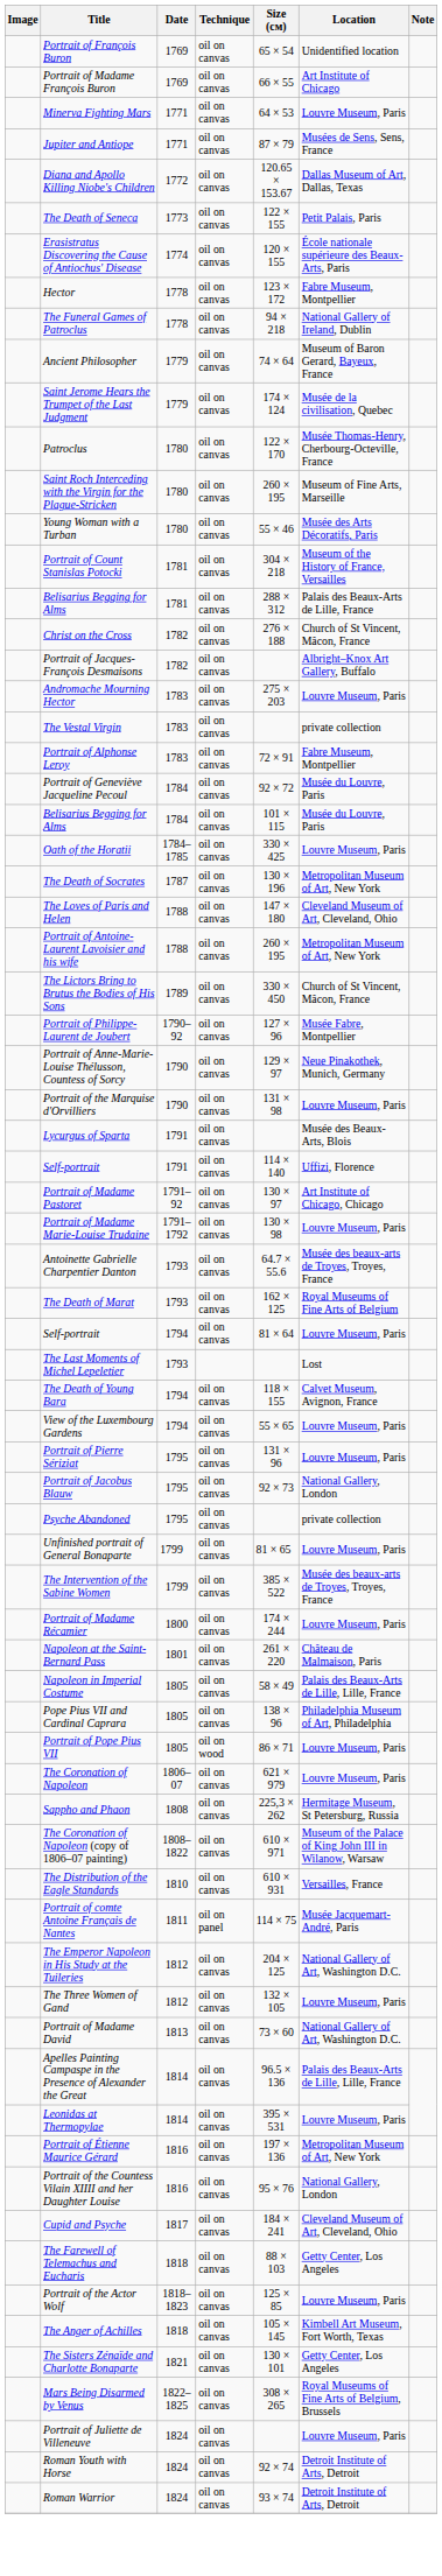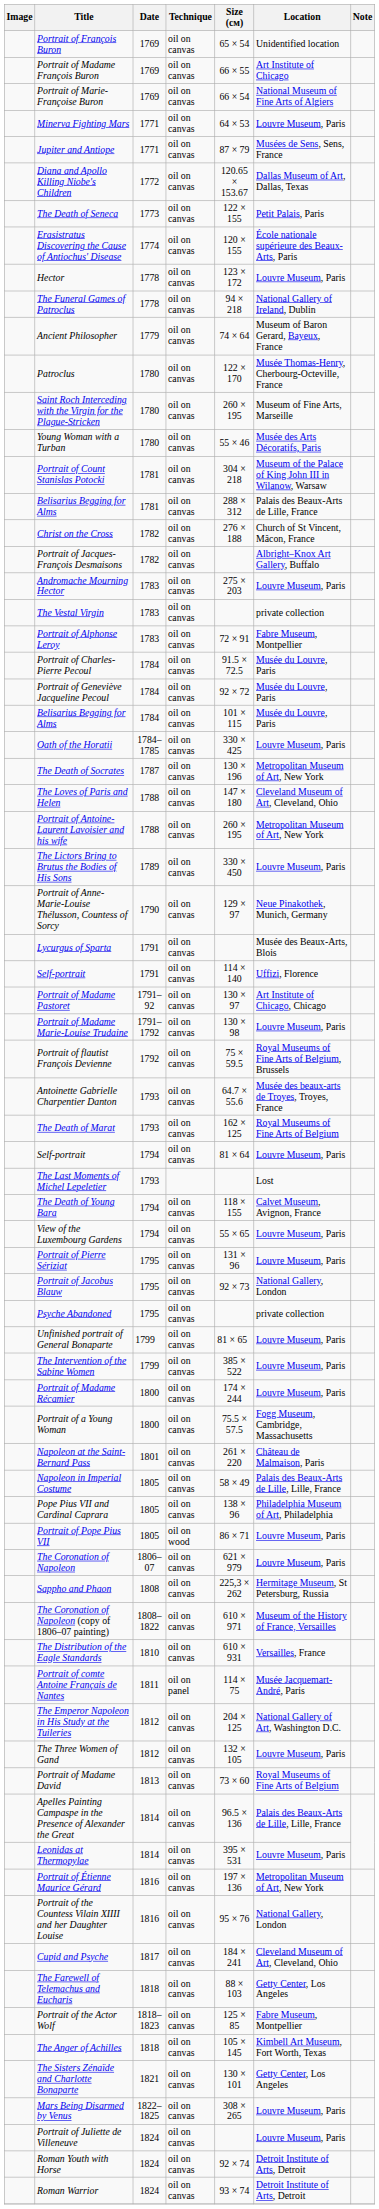 <table class="wikitable sortable">
 <tr>
 <th class="unsortable">Image</th>
 <th>Title</th>
 <th>Date</th>
 <th>Technique</th>
 <th>Size (см)</th>
 <th>Location</th>
 <th class="unsortable">Note</th>
 </tr>
 <tr>
 <td align="center"></td>
 <td><em><a href='#'>Portrait of François Buron</a></em></td>
 <td align="center">1769</td>
 <td>oil on canvas</td>
 <td align="center">65 × 54</td>
 <td>Unidentified location</td>
 <td></td>
 </tr>
 <tr>
 <td align="center"></td>
 <td><em>Portrait of Madame François Buron</em></td>
 <td align="center">1769</td>
 <td>oil on canvas</td>
 <td align="center">66 × 55</td>
 <td><a href='#'>Art Institute of Chicago</a></td>
+<td></td>
+</tr>
+<tr>
+<td align="center"></td>
+<td><em>Portrait of Marie-Françoise Buron</em></td>
+<td align="center">1769</td>
+<td>oil on canvas</td>
+<td align="center">66 × 54</td>
+<td><a href='#'>National Museum of Fine Arts of Algiers</a></td>
 <td></td>
 </tr>
 <tr>
 <td align="center"></td>
 <td><em><a href='#'>Minerva Fighting Mars</a></em></td>
 <td align="center">1771</td>
 <td>oil on canvas</td>
 <td align="center">64 × 53</td>
 <td><a href='#'>Louvre Museum</a>, Paris</td>
 <td></td>
 </tr>
 <tr>
 <td align="center"></td>
 <td><em><a href='#'>Jupiter and Antiope</a></em></td>
 <td align="center">1771</td>
 <td>oil on canvas</td>
 <td align="center">87 × 79</td>
 <td><a href='#'>Musées de Sens</a>, Sens, France</td>
 <td></td>
 </tr>
 <tr>
 <td align="center"></td>
 <td><em><a href='#'>Diana and Apollo Killing Niobe's Children</a></em></td>
 <td align ="center">1772</td>
 <td>oil on canvas</td>
 <td align="center">120.65 × 153.67</td>
 <td><a href='#'>Dallas Museum of Art</a>, Dallas, Texas</td>
 <td></td>
 </tr>
 <tr>
 <td align="center"></td>
 <td><em><a href='#'>The Death of Seneca</a></em></td>
 <td align="center">1773</td>
 <td>oil on canvas</td>
 <td align="center">122 × 155</td>
 <td><a href='#'>Petit Palais</a>, Paris</td>
 <td></td>
 </tr>
 <tr>
 <td align="center"></td>
 <td><em><a href='#'>Erasistratus Discovering the Cause of Antiochus' Disease</a></em></td>
 <td align="center">1774</td>
 <td>oil on canvas</td>
 <td align="center">120 × 155</td>
 <td><a href='#'>École nationale supérieure des Beaux-Arts</a>, Paris</td>
 <td></td>
 </tr>
 <tr>
 <td align="center"></td>
 <td><em>Hector</em></td>
 <td align="center">1778</td>
 <td>oil on canvas</td>
 <td align="center">123 × 172</td>
-<td><a href='#'>Fabre Museum</a>, Montpellier</td>
+<td><a href='#'>Louvre Museum</a>, Paris</td>
 <td></td>
 </tr>
 <tr>
 <td align="center"></td>
 <td><em><a href='#'>The Funeral Games of Patroclus</a></em></td>
 <td align="center">1778</td>
 <td>oil on canvas</td>
 <td align="center">94 × 218</td>
 <td><a href='#'>National Gallery of Ireland</a>, Dublin</td>
 <td></td>
 </tr>
 <tr>
 <td align="center"></td>
 <td><em>Ancient Philosopher</em></td>
 <td align="center">1779</td>
 <td>oil on canvas</td>
 <td align="center">74 × 64</td>
 <td>Museum of Baron Gerard, <a href='#'>Bayeux</a>, France</td>
-<td></td>
-</tr>
-<tr>
-<td align="center"></td>
-<td><em><a href='#'>Saint Jerome Hears the Trumpet of the Last Judgment</a></em></td>
-<td align="center">1779</td>
-<td>oil on canvas</td>
-<td align="center">174 × 124</td>
-<td><a href='#'>Musée de la civilisation</a>, Quebec</td>
 <td></td>
 </tr>
 <tr>
 <td align="center"></td>
 <td><em>Patroclus</em></td>
 <td align="center">1780</td>
 <td>oil on canvas</td>
 <td align="center">122 × 170</td>
 <td><a href='#'>Musée Thomas-Henry</a>, Cherbourg-Octeville, France</td>
 <td></td>
 </tr>
 <tr>
 <td align="center"></td>
 <td><em><a href='#'>Saint Roch Interceding with the Virgin for the Plague-Stricken</a></em></td>
 <td align="center">1780</td>
 <td>oil on canvas</td>
 <td align="center">260 × 195</td>
 <td>Museum of Fine Arts, Marseille</td>
 <td></td>
 </tr>
 <tr>
 <td align="center"></td>
 <td><em>Young Woman with a Turban</em></td>
 <td align="center">1780</td>
 <td>oil on canvas</td>
 <td align="center">55 × 46</td>
 <td><a href='#'>Musée des Arts Décoratifs, Paris</a></td>
 <td></td>
 </tr>
 <tr>
 <td align="center"></td>
 <td><em><a href='#'>Portrait of Count Stanislas Potocki</a></em></td>
 <td align="center">1781</td>
 <td>oil on canvas</td>
 <td align="center">304 × 218</td>
-<td><a href='#'>Museum of the History of France, Versailles</a></td>
+<td><a href='#'>Museum of the Palace of King John III in Wilanow</a>, Warsaw</td>
 <td></td>
 </tr>
 <tr>
 <td align="center"></td>
 <td><em><a href='#'>Belisarius Begging for Alms</a></em></td>
 <td align="center">1781</td>
 <td>oil on canvas</td>
 <td align="center">288 × 312</td>
 <td>Palais des Beaux-Arts de Lille, France</td>
 <td></td>
 </tr>
 <tr>
 <td align="center"></td>
 <td><em><a href='#'>Christ on the Cross</a></em></td>
 <td align="center">1782</td>
 <td>oil on canvas</td>
 <td align="center">276 × 188</td>
 <td>Church of St Vincent, Mâcon, France</td>
 <td></td>
 </tr>
 <tr>
 <td align="center"></td>
 <td><em>Portrait of Jacques-François Desmaisons</em></td>
 <td align="center">1782</td>
 <td>oil on canvas</td>
 <td align="center"></td>
 <td><a href='#'>Albright–Knox Art Gallery</a>, Buffalo</td>
 <td></td>
 </tr>
 <tr>
 <td align="center"></td>
 <td><em><a href='#'>Andromache Mourning Hector</a></em></td>
 <td align="center">1783</td>
 <td>oil on canvas</td>
 <td align="center">275 × 203</td>
 <td><a href='#'>Louvre Museum</a>, Paris</td>
 <td></td>
 </tr>
 <tr>
 <td align="center"></td>
 <td><em><a href='#'>The Vestal Virgin</a></em></td>
 <td align="center">1783</td>
 <td>oil on canvas</td>
 <td align="center"></td>
 <td>private collection</td>
 <td></td>
 </tr>
 <tr>
 <td align="center"></td>
 <td><em><a href='#'>Portrait of Alphonse Leroy</a></em></td>
 <td align="center">1783</td>
 <td>oil on canvas</td>
 <td align="center">72 × 91</td>
 <td><a href='#'>Fabre Museum</a>, Montpellier</td>
+<td></td>
+</tr>
+<tr>
+<td align="center"></td>
+<td><em>Portrait of Charles-Pierre Pecoul</em></td>
+<td align="center">1784</td>
+<td>oil on canvas</td>
+<td align="center">91.5 × 72.5</td>
+<td><a href='#'>Musée du Louvre</a>, Paris</td>
 <td></td>
 </tr>
 <tr>
 <td align="center"></td>
 <td><em>Portrait of Geneviève Jacqueline Pecoul</em></td>
 <td align="center">1784</td>
 <td>oil on canvas</td>
 <td align="center">92 × 72</td>
 <td><a href='#'>Musée du Louvre</a>, Paris</td>
 <td></td>
 </tr>
 <tr>
 <td align="center"></td>
 <td><em><a href='#'>Belisarius Begging for Alms</a></em></td>
 <td align="center">1784</td>
 <td>oil on canvas</td>
 <td align = "center">101 × 115</td>
 <td><a href='#'>Musée du Louvre</a>, Paris</td>
 <td></td>
 </tr>
 <tr>
 <td align="center"></td>
 <td><em><a href='#'>Oath of the Horatii</a></em></td>
 <td align="center">1784–1785</td>
 <td>oil on canvas</td>
 <td align="center">330 × 425</td>
 <td><a href='#'>Louvre Museum</a>, Paris</td>
 <td></td>
 </tr>
 <tr>
 <td align="center"></td>
 <td><em><a href='#'>The Death of Socrates</a></em></td>
 <td align="center">1787</td>
 <td>oil on canvas</td>
 <td align="center">130 × 196</td>
 <td><a href='#'>Metropolitan Museum of Art</a>, New York</td>
 <td></td>
 </tr>
 <tr>
 <td align="center"></td>
 <td><em><a href='#'>The Loves of Paris and Helen</a></em></td>
 <td align="center">1788</td>
 <td>oil on canvas</td>
 <td align="center">147 × 180</td>
 <td><a href='#'>Cleveland Museum of Art</a>, Cleveland, Ohio</td>
 <td></td>
 </tr>
 <tr>
 <td align="center"></td>
 <td><em><a href='#'>Portrait of Antoine-Laurent Lavoisier and his wife</a></em></td>
 <td align="center">1788</td>
 <td>oil on canvas</td>
 <td align="center">260 × 195</td>
 <td><a href='#'>Metropolitan Museum of Art</a>, New York</td>
 <td></td>
 </tr>
 <tr>
 <td align="center"></td>
 <td><em><a href='#'>The Lictors Bring to Brutus the Bodies of His Sons</a></em></td>
 <td align="center">1789</td>
 <td>oil on canvas</td>
 <td align="center">330 × 450</td>
-<td>Church of St Vincent, Mâcon, France</td>
-<td></td>
-</tr>
-<tr>
-<td align="center"></td>
-<td><em><a href='#'>Portrait of Philippe-Laurent de Joubert</a></em></td>
-<td align="center">1790–92</td>
-<td>oil on canvas</td>
-<td align="center">127 × 96</td>
-<td><a href='#'>Musée Fabre</a>, Montpellier</td>
+<td><a href='#'>Louvre Museum</a>, Paris</td>
 <td></td>
 </tr>
 <tr>
 <td align="center"></td>
 <td><em>Portrait of Anne-Marie-Louise Thélusson, Countess of Sorcy</em></td>
 <td align="center">1790</td>
 <td>oil on canvas</td>
 <td align="center">129 × 97</td>
 <td><a href='#'>Neue Pinakothek</a>, Munich, Germany</td>
-<td></td>
-</tr>
-<tr>
-<td align="center"></td>
-<td><em>Portrait of the Marquise d'Orvilliers</em></td>
-<td align="center">1790</td>
-<td>oil on canvas</td>
-<td align="center">131 × 98</td>
-<td><a href='#'>Louvre Museum</a>, Paris</td>
 <td></td>
 </tr>
 <tr>
 <td align="center"></td>
 <td><em><a href='#'>Lycurgus of Sparta</a></em></td>
 <td align="center">1791</td>
 <td>oil on canvas</td>
 <td align="center"></td>
 <td>Musée des Beaux-Arts, Blois</td>
 <td></td>
 </tr>
 <tr>
 <td align="center"></td>
 <td><em><a href='#'>Self-portrait</a></em></td>
 <td align="center">1791</td>
 <td>oil on canvas</td>
 <td align="center">114 × 140</td>
 <td><a href='#'>Uffizi</a>, Florence</td>
 <td></td>
 </tr>
 <tr>
 <td align="center"></td>
 <td><em><a href='#'>Portrait of Madame Pastoret</a></em></td>
 <td align="center">1791–92</td>
 <td>oil on canvas</td>
 <td align="center">130 × 97</td>
 <td><a href='#'>Art Institute of Chicago</a>, Chicago</td>
 </tr>
 <tr>
 <td align="center"></td>
 <td><em><a href='#'>Portrait of Madame Marie-Louise Trudaine</a></em></td>
 <td align="center">1791–1792</td>
 <td>oil on canvas</td>
 <td align="center">130 × 98</td>
 <td><a href='#'>Louvre Museum</a>, Paris</td>
+<td></td>
+</tr>
+<tr>
+<td align="center"></td>
+<td><em>Portrait of flautist François Devienne</em></td>
+<td align="center">1792</td>
+<td>oil on canvas</td>
+<td align="center">75 × 59.5</td>
+<td><a href='#'>Royal Museums of Fine Arts of Belgium</a>, Brussels</td>
 <td></td>
 </tr>
 <tr>
 <td align ="center"></td>
 <td><em>Antoinette Gabrielle Charpentier Danton</em></td>
 <td align="center">1793</td>
 <td>oil on canvas</td>
 <td align="center">64.7 × 55.6</td>
 <td><a href='#'>Musée des beaux-arts de Troyes</a>, Troyes, France</td>
 <td></td>
 </tr>
 <tr>
 <td align="center"></td>
 <td><em><a href='#'>The Death of Marat</a></em></td>
 <td align="center">1793</td>
 <td>oil on canvas</td>
 <td align="center">162 × 125</td>
 <td><a href='#'>Royal Museums of Fine Arts of Belgium</a></td>
 <td></td>
 </tr>
 <tr>
 <td align="center"></td>
 <td><em>Self-portrait</em></td>
 <td align="center">1794</td>
 <td>oil on canvas</td>
 <td align="center">81 × 64</td>
 <td><a href='#'>Louvre Museum</a>, Paris</td>
 <td></td>
 </tr>
 <tr>
 <td></td>
 <td><em><a href='#'>The Last Moments of Michel Lepeletier</a></em></td>
 <td align="center">1793</td>
 <td></td>
 <td></td>
 <td>Lost</td>
 <td></td>
 </tr>
 <tr>
 <td align="center"></td>
 <td><em><a href='#'>The Death of Young Bara</a></em></td>
 <td align="center">1794</td>
 <td>oil on canvas</td>
 <td align="center">118 × 155</td>
 <td><a href='#'>Calvet Museum</a>, Avignon, France</td>
 <td></td>
 </tr>
 <tr>
 <td align="center"></td>
 <td><em>View of the Luxembourg Gardens</em></td>
 <td align="center">1794</td>
 <td>oil on canvas</td>
 <td align="center">55 × 65</td>
 <td><a href='#'>Louvre Museum</a>, Paris</td>
 <td></td>
 </tr>
 <tr>
 <td align="center"></td>
 <td><em><a href='#'>Portrait of Pierre Sériziat</a></em></td>
 <td align="center">1795</td>
 <td>oil on canvas</td>
 <td align="center">131 × 96</td>
 <td><a href='#'>Louvre Museum</a>, Paris</td>
 <td></td>
 </tr>
 <tr>
 <td align="center"></td>
 <td><em><a href='#'>Portrait of Jacobus Blauw</a></em></td>
 <td align="center">1795</td>
 <td>oil on canvas</td>
 <td align="center">92 × 73</td>
 <td><a href='#'>National Gallery</a>, London</td>
 <td></td>
 </tr>
 <tr>
 <td align="center"></td>
 <td><em><a href='#'>Psyche Abandoned</a></em></td>
 <td align="center">1795</td>
 <td>oil on canvas</td>
 <td align="center"></td>
 <td>private collection</td>
 <td></td>
 </tr>
 <tr>
 <td></td>
 <td><em>Unfinished portrait of General Bonaparte</em></td>
 <td>1799</td>
 <td>oil on canvas</td>
 <td>81 × 65</td>
 <td><a href='#'>Louvre Museum</a>, Paris</td>
 <td></td>
 </tr>
 <tr>
 <td align="center"></td>
 <td><em><a href='#'>The Intervention of the Sabine Women</a></em></td>
 <td align="center">1799</td>
 <td>oil on canvas</td>
 <td align="center">385 × 522</td>
-<td><a href='#'>Musée des beaux-arts de Troyes</a>, Troyes, France</td>
+<td><a href='#'>Louvre Museum</a>, Paris</td>
 <td></td>
 </tr>
 <tr>
 <td align="center"></td>
 <td><em><a href='#'>Portrait of Madame Récamier</a></em></td>
 <td align="center">1800</td>
 <td>oil on canvas</td>
 <td align="center">174 × 244</td>
 <td><a href='#'>Louvre Museum</a>, Paris</td>
+<td></td>
+</tr>
+<tr>
+<td align="center"></td>
+<td><em>Portrait of a Young Woman</em></td>
+<td align="center">1800</td>
+<td>oil on canvas</td>
+<td align="center">75.5 × 57.5</td>
+<td><a href='#'>Fogg Museum</a>, Cambridge, Massachusetts</td>
 <td></td>
 </tr>
 <tr>
 <td align="center"></td>
 <td><em><a href='#'>Napoleon at the Saint-Bernard Pass</a></em></td>
 <td align="center">1801</td>
 <td>oil on canvas</td>
 <td align="center">261 × 220</td>
 <td><a href='#'>Château de Malmaison</a>, Paris</td>
 <td></td>
 </tr>
 <tr>
 <td align="center"></td>
 <td><em><a href='#'>Napoleon in Imperial Costume</a></em></td>
 <td align="center">1805</td>
 <td>oil on canvas</td>
 <td align="center">58 × 49</td>
 <td><a href='#'>Palais des Beaux-Arts de Lille</a>, Lille, France</td>
 <td></td>
 </tr>
 <tr>
 <td align="center"></td>
 <td><em>Pope Pius VII and Cardinal Caprara</em></td>
 <td align="center">1805</td>
 <td>oil on canvas</td>
 <td align="center">138 × 96</td>
 <td><a href='#'>Philadelphia Museum of Art</a>, Philadelphia</td>
 <td></td>
 </tr>
 <tr>
 <td align="center"></td>
 <td><em><a href='#'>Portrait of Pope Pius VII</a></em></td>
 <td align="center">1805</td>
 <td>oil on wood</td>
 <td align="center">86 × 71</td>
 <td><a href='#'>Louvre Museum</a>, Paris</td>
 <td></td>
 </tr>
 <tr>
 <td align="center"></td>
 <td><em><a href='#'>The Coronation of Napoleon</a></em></td>
 <td align="center">1806–07</td>
 <td>oil on canvas</td>
 <td align="center">621 × 979</td>
 <td><a href='#'>Louvre Museum</a>, Paris</td>
 <td></td>
 </tr>
 <tr>
 <td align="center"></td>
 <td><em><a href='#'>Sappho and Phaon</a></em></td>
 <td align="center">1808</td>
 <td>oil on canvas</td>
 <td align="center">225,3 × 262</td>
 <td><a href='#'>Hermitage Museum</a>, St Petersburg, Russia</td>
 <td></td>
 </tr>
 <tr>
 <td align="center"></td>
 <td><em><a href='#'>The Coronation of Napoleon</a></em> (copy of 1806–07 painting)</td>
 <td align="center">1808–1822</td>
 <td>oil on canvas</td>
 <td align="center">610 × 971</td>
-<td><a href='#'>Museum of the Palace of King John III in Wilanow</a>, Warsaw</td>
+<td><a href='#'>Museum of the History of France, Versailles</a></td>
 <td></td>
 </tr>
 <tr>
 <td align="center"></td>
 <td><em><a href='#'>The Distribution of the Eagle Standards</a></em></td>
 <td align="center">1810</td>
 <td>oil on canvas</td>
 <td align="center">610 × 931</td>
 <td><a href='#'>Versailles</a>, France</td>
 <td></td>
 </tr>
 <tr>
 <td align="center"></td>
 <td><em><a href='#'>Portrait of comte Antoine Français de Nantes </a></em></td>
 <td align="center">1811</td>
 <td>oil on panel</td>
 <td align="center">114 × 75</td>
 <td><a href='#'>Musée Jacquemart-André</a>, Paris</td>
 <td></td>
 </tr>
 <tr>
 <td align="center"></td>
 <td><em><a href='#'>The Emperor Napoleon in His Study at the Tuileries</a></em></td>
 <td align="center">1812</td>
 <td>oil on canvas</td>
 <td align="center">204 × 125</td>
 <td><a href='#'>National Gallery of Art</a>, Washington D.C.</td>
 <td></td>
 </tr>
 <tr>
 <td align="center"></td>
 <td><em>The Three Women of Gand</em></td>
 <td align="center">1812</td>
 <td>oil on canvas</td>
 <td align="center">132 × 105</td>
 <td><a href='#'>Louvre Museum</a>, Paris</td>
 <td></td>
 </tr>
 <tr>
 <td align="center"></td>
 <td><em>Portrait of Madame David</em></td>
 <td align="center">1813</td>
 <td>oil on canvas</td>
 <td align="center">73 × 60</td>
-<td><a href='#'>National Gallery of Art</a>, Washington D.C.</td>
+<td><a href='#'>Royal Museums of Fine Arts of Belgium</a></td>
 <td></td>
 </tr>
 <tr>
 <td align="center"></td>
 <td><em>Apelles Painting Campaspe in the Presence of Alexander the Great</em></td>
 <td align="center">1814</td>
 <td>oil on canvas</td>
 <td align="center">96.5 × 136</td>
 <td><a href='#'>Palais des Beaux-Arts de Lille</a>, Lille, France</td>
 </tr>
 <tr>
 <td align="center"></td>
 <td><em><a href='#'>Leonidas at Thermopylae</a></em></td>
 <td align="center">1814</td>
 <td>oil on canvas</td>
 <td align="center">395 × 531</td>
 <td><a href='#'>Louvre Museum</a>, Paris</td>
 </tr>
 <tr>
 <td align="center"></td>
 <td><em><a href='#'>Portrait of Étienne Maurice Gérard</a></em></td>
 <td align="center">1816</td>
 <td>oil on canvas</td>
 <td align="center">197 × 136</td>
 <td><a href='#'>Metropolitan Museum of Art</a>, New York</td>
 <td></td>
 </tr>
 <tr>
 <td align="center"></td>
 <td><em>Portrait of the Countess Vilain XIIII and her Daughter Louise</em></td>
 <td align="center">1816</td>
 <td>oil on canvas</td>
 <td align="center">95 × 76</td>
 <td><a href='#'>National Gallery</a>, London</td>
 <td></td>
 </tr>
 <tr>
 <td align="center"></td>
 <td><em><a href='#'>Cupid and Psyche</a></em></td>
 <td align="center">1817</td>
 <td>oil on canvas</td>
 <td align="center">184 × 241</td>
 <td><a href='#'>Cleveland Museum of Art</a>, Cleveland, Ohio</td>
 <td></td>
 </tr>
 <tr>
 <td align="center"></td>
 <td><em><a href='#'>The Farewell of Telemachus and Eucharis</a></em></td>
 <td align="center">1818</td>
 <td>oil on canvas</td>
 <td align="center">88 × 103</td>
 <td><a href='#'>Getty Center</a>, Los Angeles</td>
 <td></td>
 </tr>
 <tr>
 <td align="center"></td>
 <td><em>Portrait of the Actor Wolf</em></td>
 <td align="center">1818–1823</td>
 <td>oil on canvas</td>
 <td align="center">125 × 85</td>
-<td><a href='#'>Louvre Museum</a>, Paris</td>
+<td><a href='#'>Fabre Museum</a>, Montpellier</td>
 <td></td>
 </tr>
 <tr>
 <td align="center"></td>
 <td><em><a href='#'>The Anger of Achilles</a></em></td>
 <td align="center">1818</td>
 <td>oil on canvas</td>
 <td align="center">105 × 145</td>
 <td><a href='#'>Kimbell Art Museum</a>, Fort Worth, Texas</td>
 <td></td>
 </tr>
 <tr>
 <td align="center"></td>
 <td><em><a href='#'>The Sisters Zénaïde and Charlotte Bonaparte</a></em></td>
 <td align="center">1821</td>
 <td>oil on canvas</td>
 <td align="center">130 × 101</td>
 <td><a href='#'>Getty Center</a>, Los Angeles</td>
 <td></td>
 </tr>
 <tr>
 <td align="center"></td>
 <td><em><a href='#'>Mars Being Disarmed by Venus</a></em></td>
 <td align="center">1822–1825</td>
 <td>oil on canvas</td>
 <td align="center">308 × 265</td>
-<td><a href='#'>Royal Museums of Fine Arts of Belgium</a>, Brussels</td>
+<td><a href='#'>Louvre Museum</a>, Paris</td>
 <td></td>
 </tr>
 <tr>
 <td align="center"></td>
 <td><em>Portrait of Juliette de Villeneuve</em></td>
 <td align="center">1824</td>
 <td>oil on canvas</td>
 <td align="center"></td>
 <td><a href='#'>Louvre Museum</a>, Paris</td>
 <td></td>
 </tr>
 <tr>
 <td align="center"></td>
 <td><em>Roman Youth with Horse</em></td>
 <td align="center">1824</td>
 <td>oil on canvas</td>
 <td align="center">92 × 74</td>
 <td><a href='#'>Detroit Institute of Arts</a>, Detroit</td>
 <td></td>
 </tr>
 <tr>
 <td align="center"></td>
 <td><em>Roman Warrior</em></td>
 <td align="center">1824</td>
 <td>oil on canvas</td>
 <td align="center">93 × 74</td>
 <td><a href='#'>Detroit Institute of Arts</a>, Detroit</td>
 <td></td>
 </tr>
 <tr>
 </tr>
 </table>
